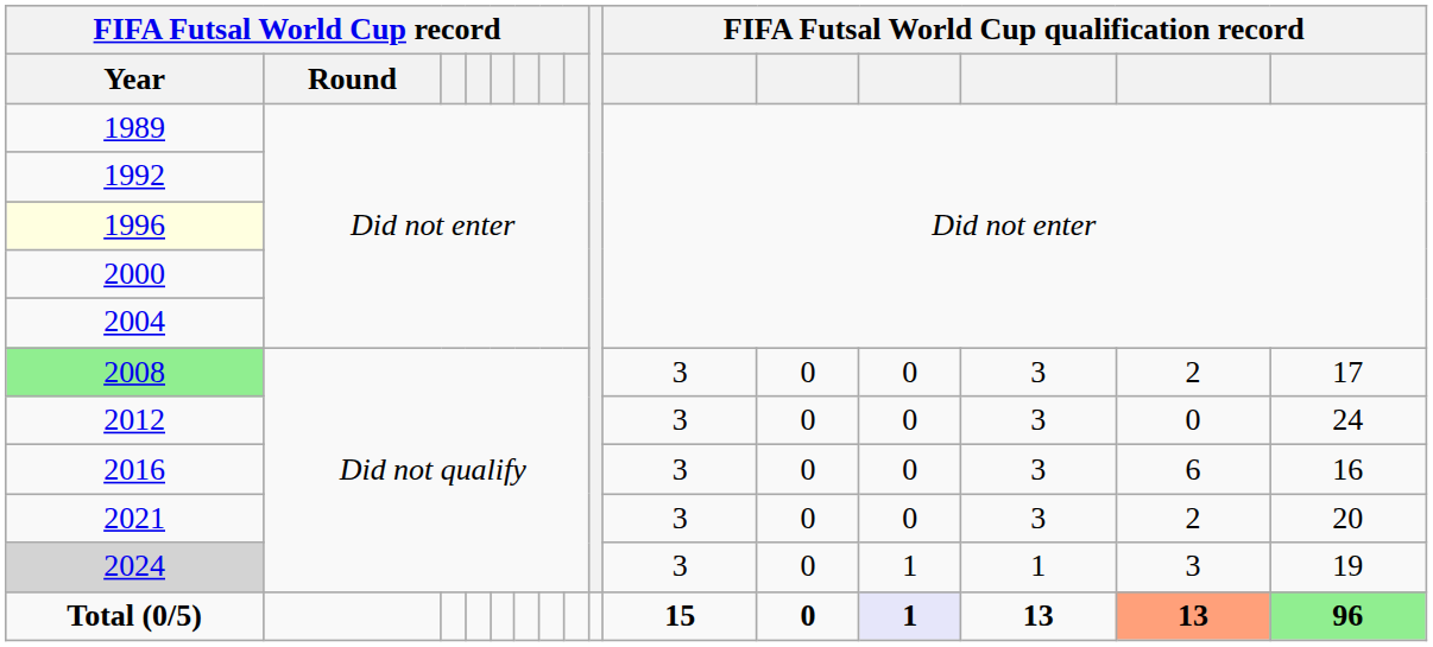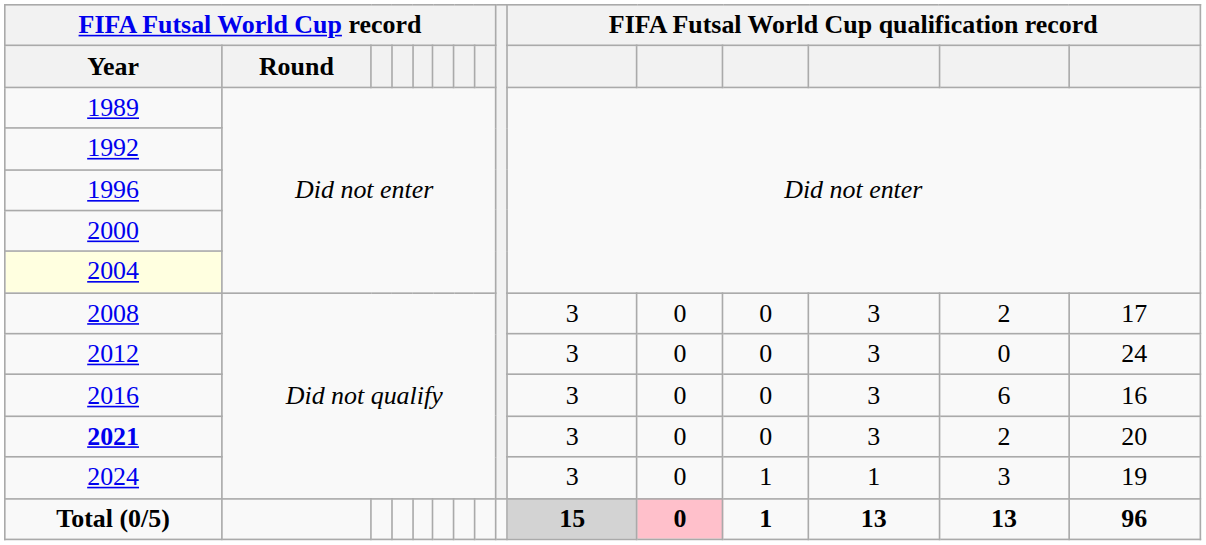 <table class="wikitable" style="text-align: center">
 <tr>
 <th colspan="8"><a href='#'>FIFA Futsal World Cup</a> record</th>
 <th rowspan="12" style="width:1%"></th>
 <th colspan="6">FIFA Futsal World Cup qualification record</th>
 </tr>
 <tr>
 <th>Year</th>
 <th>Round</th>
 <th></th>
 <th></th>
 <th></th>
 <th></th>
 <th></th>
 <th></th>
 <th></th>
 <th></th>
 <th></th>
 <th></th>
 <th></th>
 <th></th>
 </tr>
 <tr>
 <td> <a href='#'>1989</a></td>
 <td colspan="8" rowspan="5"><em>Did not enter</em></td>
 <td colspan="8" rowspan="5"><em>Did not enter</em></td>
 </tr>
 <tr>
 <td> <a href='#'>1992</a></td>
 </tr>
 <tr>
-<td style="background: lightyellow;"> <a href='#'>1996</a></td>
+<td> <a href='#'>1996</a></td>
 </tr>
 <tr>
 <td> <a href='#'>2000</a></td>
 </tr>
 <tr>
-<td> <a href='#'>2004</a></td>
+<td style="background: lightyellow;"> <a href='#'>2004</a></td>
 </tr>
 <tr>
-<td style="background: lightgreen;"> <a href='#'>2008</a></td>
+<td> <a href='#'>2008</a></td>
 <td colspan="8" rowspan="5"><em>Did not qualify</em></td>
 <td>3</td>
 <td>0</td>
 <td>0</td>
 <td>3</td>
 <td>2</td>
 <td>17</td>
 </tr>
 <tr>
 <td> <a href='#'>2012</a></td>
 <td>3</td>
 <td>0</td>
 <td>0</td>
 <td>3</td>
 <td>0</td>
 <td>24</td>
 </tr>
 <tr>
 <td> <a href='#'>2016</a></td>
 <td>3</td>
 <td>0</td>
 <td>0</td>
 <td>3</td>
 <td>6</td>
 <td>16</td>
 </tr>
 <tr>
-<td> <a href='#'>2021</a></td>
+<td><strong> <a href='#'>2021</a></strong></td>
 <td>3</td>
 <td>0</td>
 <td>0</td>
 <td>3</td>
 <td>2</td>
 <td>20</td>
 </tr>
 <tr>
-<td style="background: lightgrey;"> <a href='#'>2024</a></td>
+<td> <a href='#'>2024</a></td>
 <td>3</td>
 <td>0</td>
 <td>1</td>
 <td>1</td>
 <td>3</td>
 <td>19</td>
 </tr>
 <tr style="font-weight: bold">
 <td>Total (0/5)</td>
 <td></td>
 <td></td>
 <td></td>
 <td></td>
 <td></td>
 <td></td>
 <td></td>
 <td></td>
-<td>15</td>
-<td>0</td>
-<td style="background: lavender;">1</td>
+<td style="background: lightgrey;">15</td>
+<td style="background: pink;">0</td>
+<td>1</td>
 <td>13</td>
-<td style="background: lightsalmon;">13</td>
-<td style="background: lightgreen;">96</td>
+<td>13</td>
+<td>96</td>
 </tr>
 </table>
